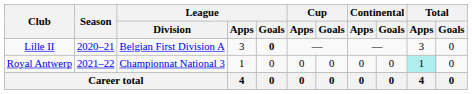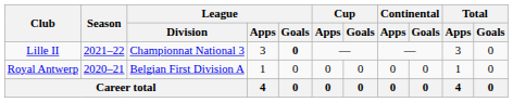 <table class="wikitable" Style="text-align: center">
 <tr>
 <th rowspan="2">Club</th>
 <th rowspan="2">Season</th>
 <th colspan="3">League</th>
 <th colspan="2">Cup</th>
 <th colspan="2">Continental</th>
 <th colspan="2">Total</th>
 </tr>
 <tr>
 <th>Division</th>
 <th>Apps</th>
 <th>Goals</th>
 <th>Apps</th>
 <th>Goals</th>
 <th>Apps</th>
 <th>Goals</th>
 <th>Apps</th>
 <th>Goals</th>
 </tr>
 <tr>
 <td rowspan="1"><a href='#'>Lille II</a></td>
-<td><a href='#'>2020–21</a></td>
-<td rowspan="1"><a href='#'>Belgian First Division A</a></td>
+<td><a href='#'>2021–22</a></td>
+<td rowspan="1"><a href='#'>Championnat National 3</a></td>
 <td>3</td>
 <td><strong>0</strong></td>
 <td colspan="2">—</td>
 <td colspan="2">—</td>
 <td>3</td>
 <td>0</td>
 </tr>
 <tr>
 <td rowspan="1"><a href='#'>Royal Antwerp</a></td>
-<td><a href='#'>2021–22</a></td>
-<td rowspan="1"><a href='#'>Championnat National 3</a></td>
+<td><a href='#'>2020–21</a></td>
+<td rowspan="1"><a href='#'>Belgian First Division A</a></td>
 <td>1</td>
 <td>0</td>
 <td>0</td>
 <td>0</td>
 <td>0</td>
 <td>0</td>
-<td style="background: paleturquoise;">1</td>
+<td>1</td>
 <td>0</td>
 </tr>
 <tr>
 <th colspan="3">Career total</th>
 <th>4</th>
 <th>0</th>
 <th>0</th>
 <th>0</th>
 <th>0</th>
 <th>0</th>
 <th>4</th>
 <th>0</th>
 </tr>
 </table>
